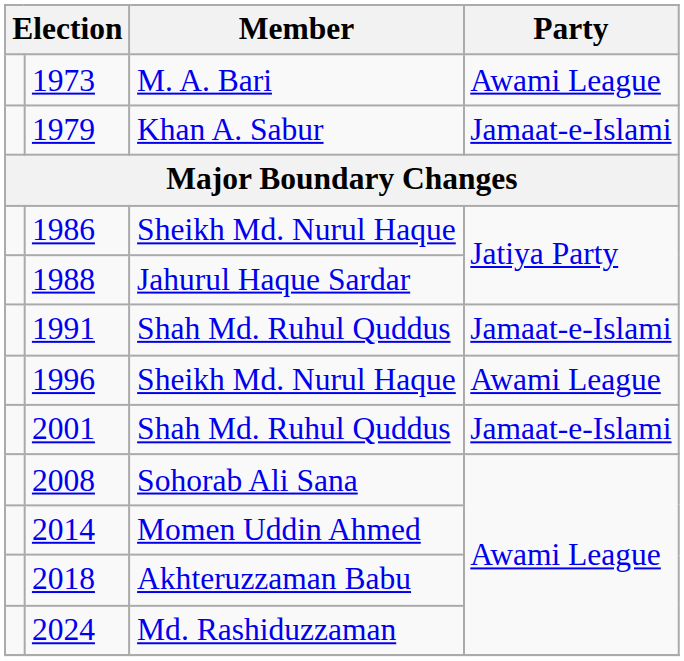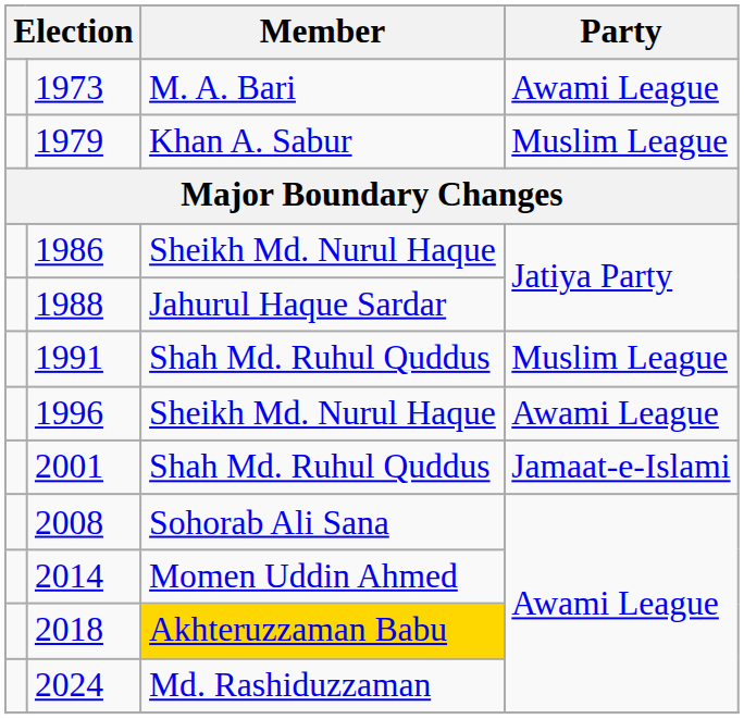 <table class="wikitable">
 <tr>
 <th colspan="2">Election</th>
 <th>Member</th>
 <th>Party</th>
 </tr>
 <tr>
 <td style="background-color:"></td>
 <td><a href='#'>1973</a></td>
 <td><a href='#'>M. A. Bari</a></td>
 <td><a href='#'>Awami League</a></td>
 </tr>
 <tr>
 <td style="background-color:"></td>
 <td><a href='#'>1979</a></td>
 <td><a href='#'>Khan A. Sabur</a></td>
-<td><a href='#'>Jamaat-e-Islami</a></td>
+<td><a href='#'>Muslim League</a></td>
 </tr>
 <tr>
 <th colspan="4">Major Boundary Changes</th>
 </tr>
 <tr>
 <td style="background-color:"></td>
 <td><a href='#'>1986</a></td>
 <td><a href='#'>Sheikh Md. Nurul Haque</a></td>
 <td rowspan="2"><a href='#'>Jatiya Party</a></td>
 </tr>
 <tr>
 <td style="background-color:"></td>
 <td><a href='#'>1988</a></td>
 <td><a href='#'>Jahurul Haque Sardar</a></td>
 </tr>
 <tr>
 <td style="background-color:"></td>
 <td><a href='#'>1991</a></td>
 <td><a href='#'>Shah Md. Ruhul Quddus</a></td>
-<td><a href='#'>Jamaat-e-Islami</a></td>
+<td><a href='#'>Muslim League</a></td>
 </tr>
 <tr>
 <td style="background-color:"></td>
 <td><a href='#'>1996</a></td>
 <td><a href='#'>Sheikh Md. Nurul Haque</a></td>
 <td><a href='#'>Awami League</a></td>
 </tr>
 <tr>
 <td style="background-color:"></td>
 <td><a href='#'>2001</a></td>
 <td><a href='#'>Shah Md. Ruhul Quddus</a></td>
 <td><a href='#'>Jamaat-e-Islami</a></td>
 </tr>
 <tr>
 <td style="background-color:"></td>
 <td><a href='#'>2008</a></td>
 <td><a href='#'>Sohorab Ali Sana</a></td>
 <td rowspan="4"><a href='#'>Awami League</a></td>
 </tr>
 <tr>
 <td style="background-color:"></td>
 <td><a href='#'>2014</a></td>
 <td><a href='#'>Momen Uddin Ahmed</a></td>
 </tr>
 <tr>
 <td style="background-color:"></td>
 <td><a href='#'>2018</a></td>
-<td><a href='#'>Akhteruzzaman Babu</a></td>
+<td style="background: gold;"><a href='#'>Akhteruzzaman Babu</a></td>
 </tr>
 <tr>
 <td style="background-color:"></td>
 <td><a href='#'>2024</a></td>
 <td><a href='#'>Md. Rashiduzzaman</a></td>
 </tr>
 <tr>
 </tr>
 </table>
